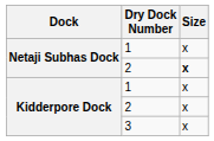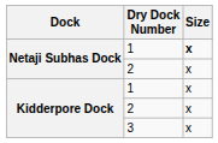 <table class="wikitable sortable" style="font-size: 80%" align=right>
 <tr>
 <th>Dock</th>
 <th>Dry Dock<br>Number</th>
 <th>Size</th>
 </tr>
 <tr>
 <th rowspan="2">Netaji Subhas Dock</th>
 <td>1</td>
-<td> x </td>
+<td><strong> x </strong></td>
 </tr>
 <tr>
 <td>2</td>
-<td><strong> x </strong></td>
+<td> x </td>
 </tr>
 <tr>
 <th rowspan="3">Kidderpore Dock</th>
 <td>1</td>
 <td> x </td>
 </tr>
 <tr>
 <td>2</td>
 <td> x </td>
 </tr>
 <tr>
 <td>3</td>
 <td> x </td>
 </tr>
 </table>
